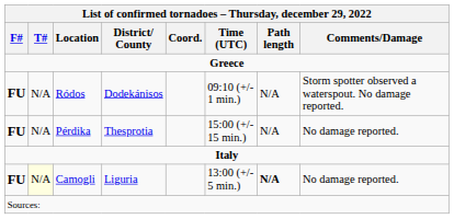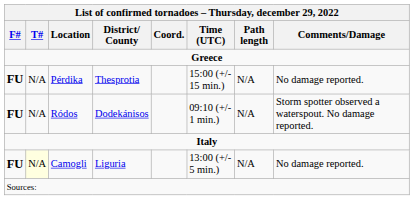 <table class="wikitable collapsible" width="100%">
 <tr>
 <th colspan="8">List of confirmed tornadoes – Thursday, december 29, 2022</th>
 </tr>
 <tr>
 <th><a href='#'>F#</a></th>
 <th><a href='#'>T#</a></th>
 <th>Location</th>
 <th>District/<br>County</th>
 <th>Coord.</th>
 <th>Time (UTC)</th>
 <th>Path length</th>
 <th>Comments/Damage</th>
 </tr>
 <tr>
 <td colspan="8" align=center><strong>Greece</strong></td>
 </tr>
 <tr>
 <td><big><strong>FU</strong></big></td>
 <td>N/A</td>
+<td><a href='#'>Pérdika</a></td>
+<td><a href='#'>Thesprotia</a></td>
+<td></td>
+<td>15:00 (+/- 15 min.)</td>
+<td>N/A</td>
+<td>No damage reported.</td>
+</tr>
+<tr>
+<td><big><strong>FU</strong></big></td>
+<td>N/A</td>
 <td><a href='#'>Ródos</a></td>
 <td><a href='#'>Dodekánisos</a></td>
 <td></td>
 <td>09:10 (+/- 1 min.)</td>
 <td>N/A</td>
 <td>Storm spotter observed a waterspout. No damage reported.</td>
-</tr>
-<tr>
-<td><big><strong>FU</strong></big></td>
-<td>N/A</td>
-<td><a href='#'>Pérdika</a></td>
-<td><a href='#'>Thesprotia</a></td>
-<td></td>
-<td>15:00 (+/- 15 min.)</td>
-<td>N/A</td>
-<td>No damage reported.</td>
 </tr>
 <tr>
 <td colspan="8" align=center><strong>Italy</strong></td>
 </tr>
 <tr>
 <td><big><strong>FU</strong></big></td>
 <td style="background: lightyellow;">N/A</td>
 <td><a href='#'>Camogli</a></td>
 <td><a href='#'>Liguria</a></td>
 <td></td>
 <td>13:00 (+/- 5 min.)</td>
-<td><strong>N/A</strong></td>
+<td>N/A</td>
 <td>No damage reported.</td>
 </tr>
 <tr>
 <td colspan="8"><small>Sources:  </small></td>
 </tr>
 </table>
